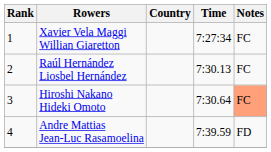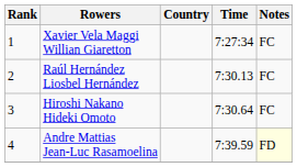 <table class="wikitable">
 <tr>
 <th>Rank</th>
 <th>Rowers</th>
 <th>Country</th>
 <th>Time</th>
 <th>Notes</th>
 </tr>
 <tr>
 <td>1</td>
 <td><a href='#'>Xavier Vela Maggi</a><br><a href='#'>Willian Giaretton</a></td>
 <td></td>
 <td>7:27:34</td>
 <td>FC</td>
 </tr>
 <tr>
 <td>2</td>
 <td><a href='#'>Raúl Hernández</a><br><a href='#'>Liosbel Hernández</a></td>
 <td></td>
 <td>7:30.13</td>
 <td>FC</td>
 </tr>
 <tr>
 <td>3</td>
 <td><a href='#'>Hiroshi Nakano</a><br><a href='#'>Hideki Omoto</a></td>
 <td></td>
 <td>7:30.64</td>
-<td style="background: lightsalmon;">FC</td>
+<td>FC</td>
 </tr>
 <tr>
 <td>4</td>
 <td><a href='#'>Andre Mattias</a><br><a href='#'>Jean-Luc Rasamoelina</a></td>
 <td></td>
 <td>7:39.59</td>
-<td>FD</td>
+<td style="background: lightyellow;">FD</td>
 </tr>
 <tr>
 </tr>
 </table>
